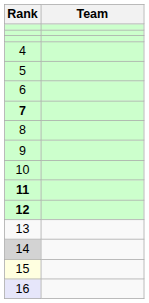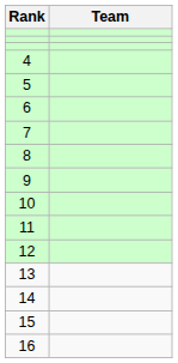 <table class=wikitable style="text-align:center;">
 <tr>
 <th>Rank</th>
 <th width=125>Team</th>
 </tr>
 <tr bgcolor=#ccffcc>
 <td></td>
 <td align=left></td>
 </tr>
 <tr bgcolor=#ccffcc>
 <td></td>
 <td align=left></td>
 </tr>
 <tr bgcolor=#ccffcc>
 <td></td>
 <td align=left></td>
 </tr>
 <tr bgcolor=#ccffcc>
 <td>4</td>
 <td align=left></td>
 </tr>
 <tr bgcolor=#ccffcc>
 <td>5</td>
 <td align=left></td>
 </tr>
 <tr bgcolor=#ccffcc>
 <td>6</td>
 <td align=left></td>
 </tr>
 <tr bgcolor=#ccffcc>
-<td><strong>7</strong></td>
+<td>7</td>
 <td align=left></td>
 </tr>
 <tr bgcolor=#ccffcc>
 <td>8</td>
 <td align=left></td>
 </tr>
 <tr bgcolor=#ccffcc>
 <td>9</td>
 <td align=left></td>
 </tr>
 <tr bgcolor=#ccffcc>
 <td>10</td>
 <td align=left></td>
 </tr>
 <tr bgcolor=#ccffcc>
-<td><strong>11</strong></td>
+<td>11</td>
 <td align=left></td>
 </tr>
 <tr bgcolor=#ccffcc>
-<td><strong>12</strong></td>
+<td>12</td>
 <td align=left></td>
 </tr>
 <tr>
 <td>13</td>
 <td align=left></td>
 </tr>
 <tr>
-<td style="background: lightgrey;">14</td>
+<td>14</td>
 <td align=left></td>
 </tr>
 <tr>
-<td style="background: lightyellow;">15</td>
+<td>15</td>
 <td align=left></td>
 </tr>
 <tr>
-<td style="background: lavender;">16</td>
+<td>16</td>
 <td align=left></td>
 </tr>
 </table>
